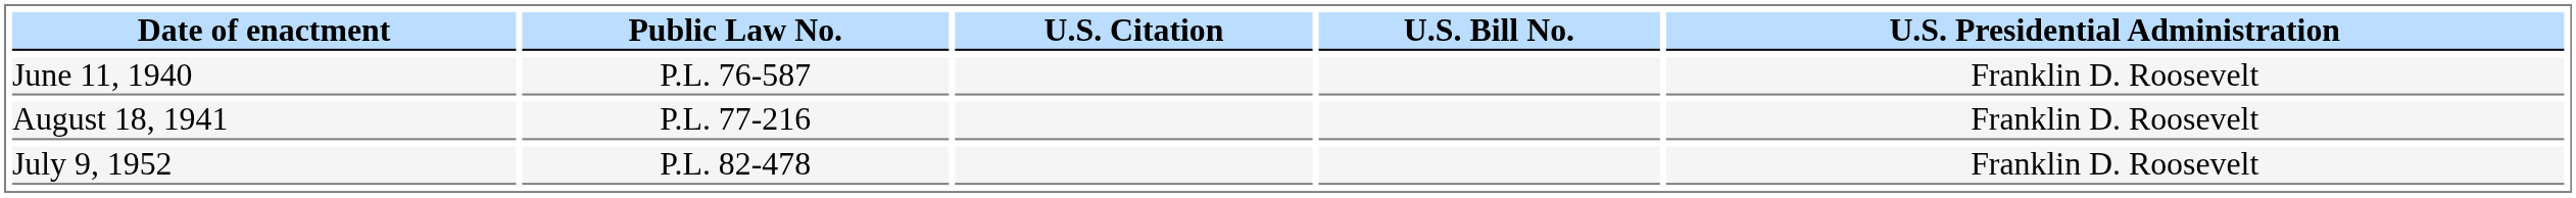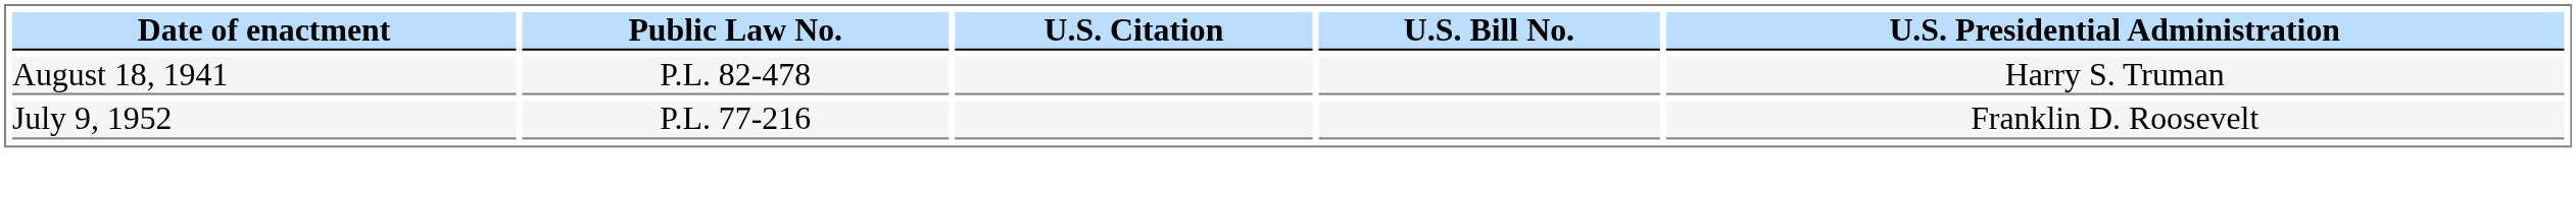 <table style="border:1px solid gray; align:left; width:100%" cellspacing=3 cellpadding=0>
 <tr style="font-weight:bold; text-align:center; background:#bbddff; color:black;">
 <th style=" border-bottom:1.5px solid black">Date of enactment</th>
 <th style=" border-bottom:1.5px solid black">Public Law No.</th>
 <th style=" border-bottom:1.5px solid black">U.S. Citation</th>
 <th style=" border-bottom:1.5px solid black">U.S. Bill No.</th>
 <th style=" border-bottom:1.5px solid black">U.S. Presidential Administration</th>
 </tr>
 <tr>
-<td style="border-bottom:1px solid gray; background:#F5F5F5;">June 11, 1940</td>
-<td style="border-bottom:1px solid gray; background:#F5F5F5; text-align:center;">P.L. 76-587</td>
+<td style="border-bottom:1px solid gray; background:#F5F5F5;">August 18, 1941</td>
+<td style="border-bottom:1px solid gray; background:#F5F5F5; text-align:center;">P.L. 82-478</td>
 <td style="border-bottom:1px solid gray; background:#F5F5F5; text-align:center;"></td>
 <td style="border-bottom:1px solid gray; background:#F5F5F5; text-align:center;"></td>
-<td style="border-bottom:1px solid gray; background:#F5F5F5; text-align:center;">Franklin D. Roosevelt</td>
+<td style="border-bottom:1px solid gray; background:#F5F5F5; text-align:center;">Harry S. Truman</td>
 </tr>
 <tr>
-<td style="border-bottom:1px solid gray; background:#F5F5F5;">August 18, 1941</td>
+<td style="border-bottom:1px solid gray; background:#F5F5F5;">July 9, 1952</td>
 <td style="border-bottom:1px solid gray; background:#F5F5F5; text-align:center;">P.L. 77-216</td>
 <td style="border-bottom:1px solid gray; background:#F5F5F5; text-align:center;"></td>
 <td style="border-bottom:1px solid gray; background:#F5F5F5; text-align:center;"></td>
 <td style="border-bottom:1px solid gray; background:#F5F5F5; text-align:center;">Franklin D. Roosevelt</td>
 </tr>
-<tr>
-<td style="border-bottom:1px solid gray; background:#F5F5F5;">July 9, 1952</td>
-<td style="border-bottom:1px solid gray; background:#F5F5F5; text-align:center;">P.L. 82-478</td>
-<td style="border-bottom:1px solid gray; background:#F5F5F5; text-align:center;"></td>
-<td style="border-bottom:1px solid gray; background:#F5F5F5; text-align:center;"></td>
-<td style="border-bottom:1px solid gray; background:#F5F5F5; text-align:center;">Franklin D. Roosevelt</td>
-</tr>
 </table>
